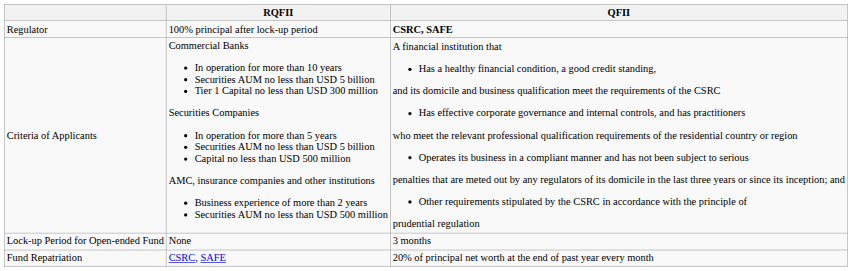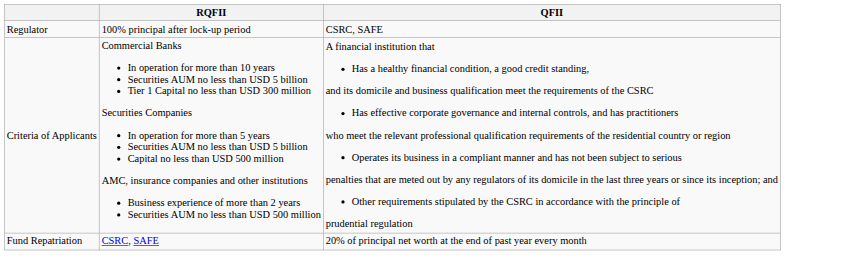 <table class="wikitable">
 <tr>
 <th></th>
 <th>RQFII</th>
 <th>QFII</th>
 </tr>
 <tr>
 <td>Regulator</td>
 <td>100% principal after lock-up period</td>
-<td><strong>CSRC, SAFE</strong></td>
+<td>CSRC, SAFE</td>
 </tr>
 <tr>
 <td>Criteria of Applicants</td>
 <td>Commercial Banks<br><ul><li>In operation for more than 10 years</li><li>Securities AUM no less than USD 5 billion</li><li>Tier 1 Capital no less than USD 300 million</li></ul>Securities Companies<ul><li>In operation for more than 5 years</li><li>Securities AUM no less than USD 5 billion</li><li>Capital no less than USD 500 million</li></ul>AMC, insurance companies and other institutions<ul><li>Business experience of more than 2 years</li><li>Securities AUM no less than USD 500 million</li></ul></td>
 <td>A financial institution that<br><ul><li>Has a healthy financial condition, a good credit standing,</li></ul>and its domicile and business qualification meet the requirements of the CSRC<ul><li>Has effective corporate governance and internal controls, and has practitioners</li></ul>who meet the relevant professional qualification requirements of the residential  country or region<ul><li>Operates its business in a compliant manner and has not been subject to serious</li></ul>penalties that are meted out by any regulators of its domicile in the last three  years or since its inception; and<ul><li>Other requirements stipulated by the CSRC in accordance with the principle of</li></ul>prudential regulation</td>
 </tr>
 <tr>
-<td>Lock-up Period for Open-ended Fund</td>
-<td>None</td>
-<td>3 months</td>
-</tr>
-<tr>
 <td>Fund Repatriation</td>
 <td><a href='#'>CSRC</a>, <a href='#'>SAFE</a></td>
 <td>20% of principal net worth at the end of past year every month</td>
 </tr>
 </table>
